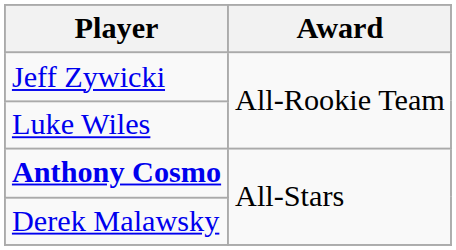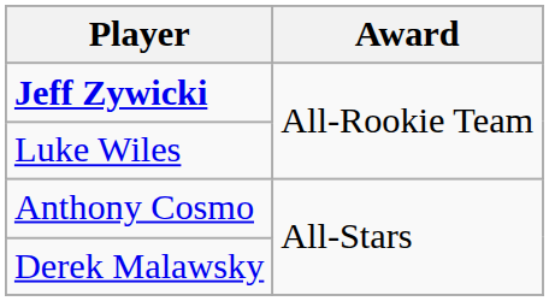 <table class="wikitable">
 <tr>
 <th>Player</th>
 <th>Award</th>
 </tr>
 <tr>
-<td><a href='#'>Jeff Zywicki</a></td>
+<td><strong><a href='#'>Jeff Zywicki</a></strong></td>
 <td rowspan=2>All-Rookie Team</td>
 </tr>
 <tr>
 <td><a href='#'>Luke Wiles</a></td>
 </tr>
 <tr>
-<td><strong><a href='#'>Anthony Cosmo</a></strong></td>
+<td><a href='#'>Anthony Cosmo</a></td>
 <td rowspan=2>All-Stars</td>
 </tr>
 <tr>
 <td><a href='#'>Derek Malawsky</a></td>
 </tr>
 </table>
